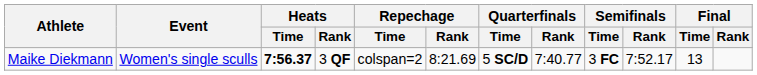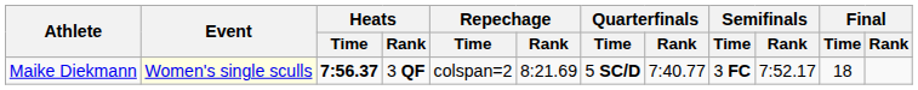 <table class="wikitable" style="font-size:90%">
 <tr>
 <th rowspan="2">Athlete</th>
 <th rowspan="2">Event</th>
 <th colspan="2">Heats</th>
 <th colspan="2">Repechage</th>
 <th colspan="2">Quarterfinals</th>
 <th colspan="2">Semifinals</th>
 <th colspan="2">Final</th>
 </tr>
 <tr style="font-size:95%">
 <th>Time</th>
 <th>Rank</th>
 <th>Time</th>
 <th>Rank</th>
 <th>Time</th>
 <th>Rank</th>
 <th>Time</th>
 <th>Rank</th>
 <th>Time</th>
 <th>Rank</th>
 </tr>
 <tr align=center>
 <td align=left><a href='#'>Maike Diekmann</a></td>
-<td align=left><a href='#'>Women's single sculls</a></td>
+<td align=left style="background: lightyellow;"><a href='#'>Women's single sculls</a></td>
 <td><strong>7:56.37</strong></td>
 <td>3 <strong>QF</strong></td>
 <td>colspan=2 </td>
 <td>8:21.69</td>
 <td>5 <strong>SC/D</strong></td>
 <td>7:40.77</td>
 <td>3 <strong>FC</strong></td>
 <td>7:52.17</td>
-<td>13</td>
+<td>18</td>
 </tr>
 </table>
